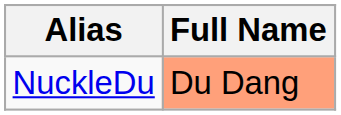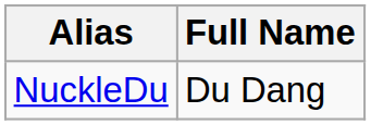 <table class="wikitable">
 <tr>
 <th>Alias</th>
 <th>Full Name</th>
 </tr>
 <tr>
 <td><a href='#'>NuckleDu</a></td>
-<td style="background: lightsalmon;">Du Dang</td>
+<td>Du Dang</td>
 </tr>
 </table>
